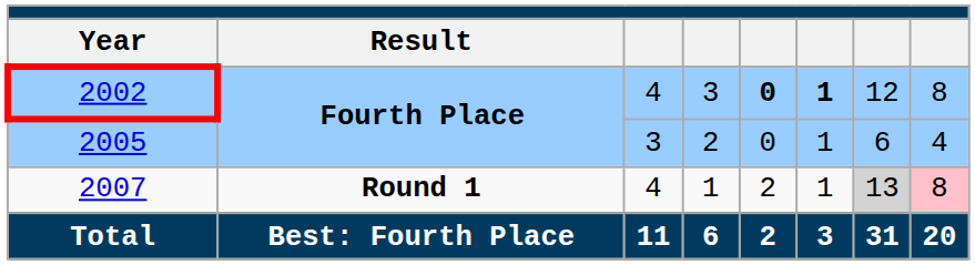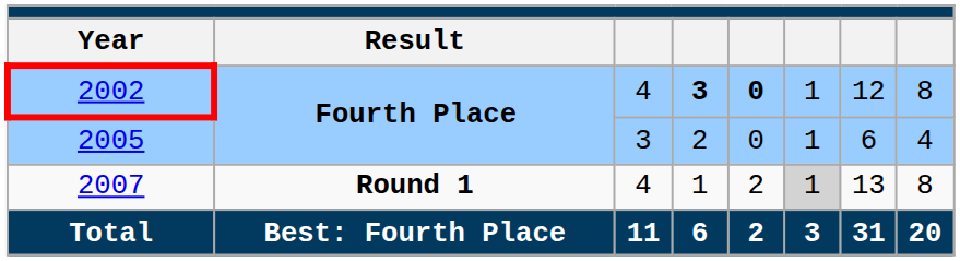 <table class="wikitable" style="text-align: center">
 <tr>
 <th colspan=9 style="background: #013A5E; color: #FFFFFF;"><a href='#'></a></th>
 </tr>
 <tr>
 <th width=90>Year</th>
 <th width=180>Result</th>
 <th width=20></th>
 <th width=20></th>
 <th width=20></th>
 <th width=20></th>
 <th width=20></th>
 <th width=20></th>
 </tr>
 <tr style="background:#9acdff;">
 <td style="border: 3px solid red"> <a href='#'>2002</a></td>
 <td rowspan=2><strong>Fourth Place</strong></td>
 <td>4</td>
-<td>3</td>
+<td><strong>3</strong></td>
 <td><strong>0</strong></td>
-<td><strong>1</strong></td>
+<td>1</td>
 <td>12</td>
 <td>8</td>
 </tr>
 <tr style="background:#9acdff;">
 <td> <a href='#'>2005</a></td>
 <td>3</td>
 <td>2</td>
 <td>0</td>
 <td>1</td>
 <td>6</td>
 <td>4</td>
 </tr>
 <tr>
 <td> <a href='#'>2007</a></td>
 <td><strong>Round 1</strong></td>
 <td>4</td>
 <td>1</td>
 <td>2</td>
-<td>1</td>
-<td style="background: lightgrey;">13</td>
-<td style="background: pink;">8</td>
+<td style="background: lightgrey;">1</td>
+<td>13</td>
+<td>8</td>
 </tr>
 <tr>
 <td style="background: #013A5E; color: #FFFFFF;"><strong>Total</strong></td>
 <td style="background: #013A5E; color: #FFFFFF;"><strong>Best: Fourth Place</strong></td>
 <td style="background: #013A5E; color: #FFFFFF;"><strong>11</strong></td>
 <td style="background: #013A5E; color: #FFFFFF;"><strong>6</strong></td>
 <td style="background: #013A5E; color: #FFFFFF;"><strong>2</strong></td>
 <td style="background: #013A5E; color: #FFFFFF;"><strong>3</strong></td>
 <td style="background: #013A5E; color: #FFFFFF;"><strong>31</strong></td>
 <td style="background: #013A5E; color: #FFFFFF;"><strong>20</strong></td>
 </tr>
 </table>
